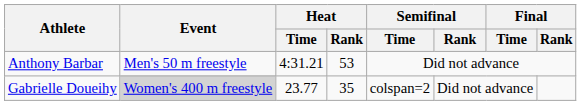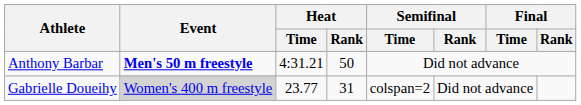 <table class=wikitable style="font-size:90%">
 <tr>
 <th rowspan="2">Athlete</th>
 <th rowspan="2">Event</th>
 <th colspan="2">Heat</th>
 <th colspan="2">Semifinal</th>
 <th colspan="2">Final</th>
 </tr>
 <tr style="font-size:95%">
 <th>Time</th>
 <th>Rank</th>
 <th>Time</th>
 <th>Rank</th>
 <th>Time</th>
 <th>Rank</th>
 </tr>
 <tr align=center>
 <td align=left><a href='#'>Anthony Barbar</a></td>
-<td align=left><a href='#'>Men's 50 m freestyle</a></td>
+<td align=left><strong><a href='#'>Men's 50 m freestyle</a></strong></td>
 <td>4:31.21</td>
-<td>53</td>
+<td>50</td>
 <td colspan=4>Did not advance</td>
 </tr>
 <tr align=center>
 <td align=left><a href='#'>Gabrielle Doueihy</a></td>
 <td align=left style="background: lightgrey;"><a href='#'>Women's 400 m freestyle</a></td>
 <td>23.77</td>
-<td>35</td>
+<td>31</td>
 <td>colspan=2 </td>
 <td colspan=2>Did not advance</td>
 </tr>
 </table>
